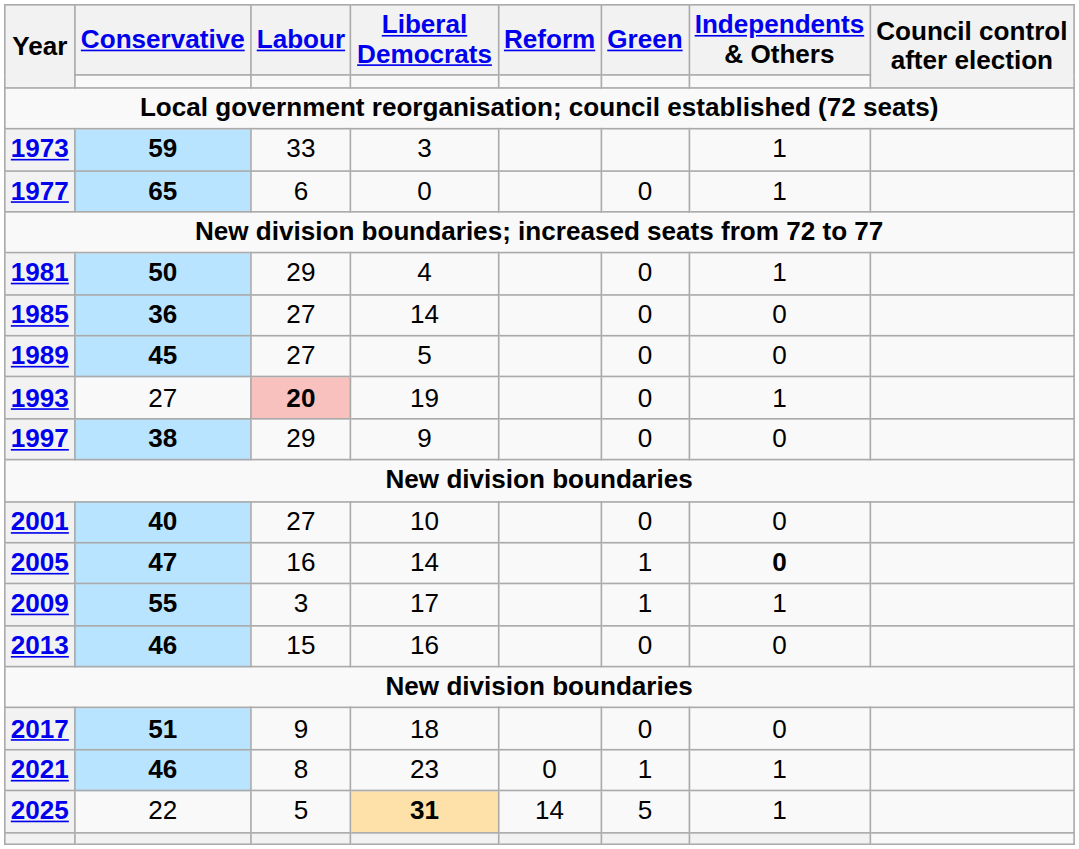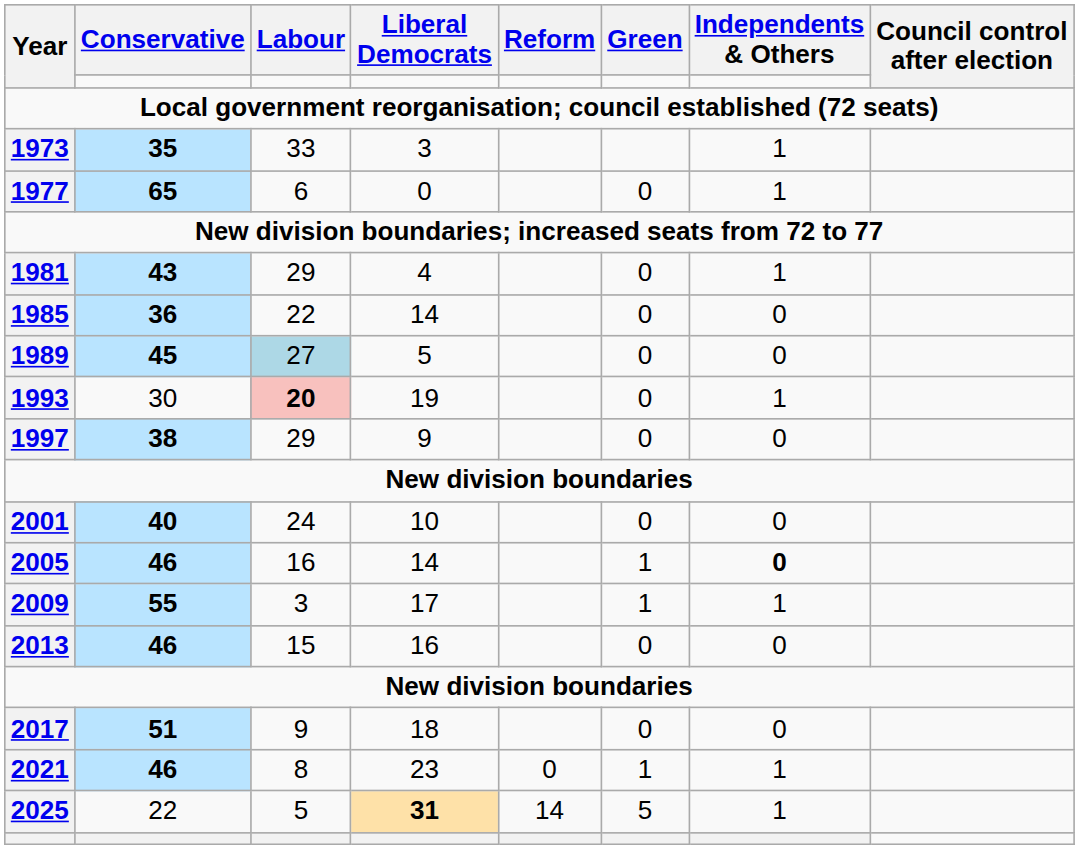 <table class="wikitable plainrowheaders" style="text-align:center">
 <tr>
 <th scope="col" rowspan="2">Year</th>
 <th scope="col"><a href='#'>Conservative</a></th>
 <th scope="col"><a href='#'>Labour</a></th>
 <th scope="col" style="width:1px"><a href='#'>Liberal Democrats</a></th>
 <th scope="col"><a href='#'>Reform</a></th>
 <th scope="col"><a href='#'>Green</a></th>
 <th scope="col"><a href='#'>Independents</a><br>& Others</th>
 <th scope="col" rowspan="2" colspan="2">Council control<br>after election</th>
 </tr>
 <tr>
 <td style="background:"></td>
 <td style="background:"></td>
 <td style="background:"></td>
 <td style="background:"></td>
 <td style="background:"></td>
 <td style="background:"></td>
 </tr>
 <tr>
 <td colspan="9"><strong>Local government reorganisation; council established (72 seats)</strong></td>
 </tr>
 <tr>
 <th scope="row"><a href='#'>1973</a></th>
-<td style="background:#B9E4FF;"><strong>59</strong></td>
+<td style="background:#B9E4FF;"><strong>35</strong></td>
 <td>33</td>
 <td>3</td>
 <td></td>
 <td></td>
 <td>1</td>
 <td></td>
 </tr>
 <tr>
 <th scope="row"><a href='#'>1977</a></th>
 <td style="background:#B9E4FF;"><strong>65</strong></td>
 <td>6</td>
 <td>0</td>
 <td></td>
 <td>0</td>
 <td>1</td>
 <td></td>
 </tr>
 <tr>
 <td colspan="9"><strong>New division boundaries; increased seats from 72 to 77</strong></td>
 </tr>
 <tr>
 <th scope="row"><a href='#'>1981</a></th>
-<td style="background:#B9E4FF;"><strong>50</strong></td>
+<td style="background:#B9E4FF;"><strong>43</strong></td>
 <td>29</td>
 <td>4</td>
 <td></td>
 <td>0</td>
 <td>1</td>
 <td></td>
 </tr>
 <tr>
 <th scope="row"><a href='#'>1985</a></th>
 <td style="background:#B9E4FF;"><strong>36</strong></td>
-<td>27</td>
+<td>22</td>
 <td>14</td>
 <td></td>
 <td>0</td>
 <td>0</td>
 <td></td>
 </tr>
 <tr>
 <th scope="row"><a href='#'>1989</a></th>
 <td style="background:#B9E4FF;"><strong>45</strong></td>
-<td>27</td>
+<td style="background: lightblue;">27</td>
 <td>5</td>
 <td></td>
 <td>0</td>
 <td>0</td>
 <td></td>
 </tr>
 <tr>
 <th scope="row"><a href='#'>1993</a></th>
-<td>27</td>
+<td>30</td>
 <td style="background:#F8C1BE;"><strong>20</strong></td>
 <td>19</td>
 <td></td>
 <td>0</td>
 <td>1</td>
 <td></td>
 </tr>
 <tr>
 <th scope="row"><a href='#'>1997</a></th>
 <td style="background:#B9E4FF;"><strong>38</strong></td>
 <td>29</td>
 <td>9</td>
 <td></td>
 <td>0</td>
 <td>0</td>
 <td></td>
 </tr>
 <tr>
 <td colspan="9"><strong>New division boundaries</strong></td>
 </tr>
 <tr>
 <th scope="row"><a href='#'>2001</a></th>
 <td style="background:#B9E4FF;"><strong>40</strong></td>
-<td>27</td>
+<td>24</td>
 <td>10</td>
 <td></td>
 <td>0</td>
 <td>0</td>
 <td></td>
 </tr>
 <tr>
 <th scope="row"><a href='#'>2005</a></th>
-<td style="background:#B9E4FF;"><strong>47</strong></td>
+<td style="background:#B9E4FF;"><strong>46</strong></td>
 <td>16</td>
 <td>14</td>
 <td></td>
 <td>1</td>
 <td><strong>0</strong></td>
 <td></td>
 </tr>
 <tr>
 <th scope="row"><a href='#'>2009</a></th>
 <td style="background:#B9E4FF;"><strong>55</strong></td>
 <td>3</td>
 <td>17</td>
 <td></td>
 <td>1</td>
 <td>1</td>
 <td></td>
 </tr>
 <tr>
 <th scope="row"><a href='#'>2013</a></th>
 <td style="background:#B9E4FF;"><strong>46</strong></td>
 <td>15</td>
 <td>16</td>
 <td></td>
 <td>0</td>
 <td>0</td>
 <td></td>
 </tr>
 <tr>
 <td colspan="9"><strong>New division boundaries</strong></td>
 </tr>
 <tr>
 <th scope="row"><a href='#'>2017</a></th>
 <td style="background:#B9E4FF;"><strong>51</strong></td>
 <td>9</td>
 <td>18</td>
 <td></td>
 <td>0</td>
 <td>0</td>
 <td></td>
 </tr>
 <tr>
 <th scope="row"><a href='#'>2021</a></th>
 <td style="background:#B9E4FF;"><strong>46</strong></td>
 <td>8</td>
 <td>23</td>
 <td>0</td>
 <td>1</td>
 <td>1</td>
 <td></td>
 </tr>
 <tr>
 <th scope="row"><a href='#'>2025</a></th>
 <td>22</td>
 <td>5</td>
 <td style="background:#FEE1A8"><strong>31</strong></td>
 <td>14</td>
 <td>5</td>
 <td>1</td>
 <td></td>
 </tr>
 <tr>
 <th></th>
 <th style="background-color: "></th>
 <th style="background-color: "></th>
 <th style="background-color: "></th>
 <th style="background-color: "></th>
 <th style="background-color: "></th>
 <th style="background-color: "></th>
 </tr>
 </table>
